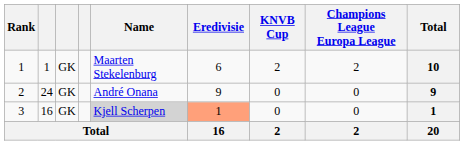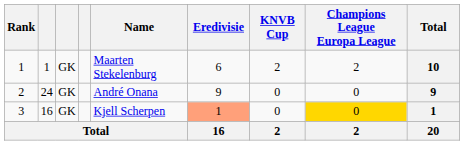 <table class="wikitable" style="text-align:center;">
 <tr>
 <th style="width:15px;">Rank</th>
 <th style="width:15px;"></th>
 <th style="width:15px;"></th>
 <th style="width:15px;"></th>
 <th style="width:145px;">Name</th>
 <th style="width:80px;"><a href='#'>Eredivisie</a></th>
 <th style="width:80px;"><a href='#'>KNVB Cup</a></th>
 <th style="width:160px;"><a href='#'>Champions League</a><br><a href='#'>Europa League</a></th>
 <th style="width:80px;">Total</th>
 </tr>
 <tr>
 <td>1</td>
 <td>1</td>
 <td>GK</td>
 <td></td>
 <td align="left"><a href='#'>Maarten Stekelenburg</a></td>
 <td>6</td>
 <td>2</td>
 <td>2</td>
 <th>10</th>
 </tr>
 <tr>
 <td>2</td>
 <td>24</td>
 <td>GK</td>
 <td></td>
 <td align="left"><a href='#'>André Onana</a></td>
 <td>9</td>
 <td>0</td>
 <td>0</td>
 <th>9</th>
 </tr>
 <tr>
 <td>3</td>
 <td>16</td>
 <td>GK</td>
 <td></td>
-<td align="left" style="background: lightgrey;"><a href='#'>Kjell Scherpen</a></td>
+<td align="left"><a href='#'>Kjell Scherpen</a></td>
 <td style="background: lightsalmon;">1</td>
 <td>0</td>
-<td>0</td>
+<td style="background: gold;">0</td>
 <th>1</th>
 </tr>
 <tr>
 <th colspan="5">Total</th>
 <th>16</th>
 <th>2</th>
 <th>2</th>
 <th>20</th>
 </tr>
 </table>
